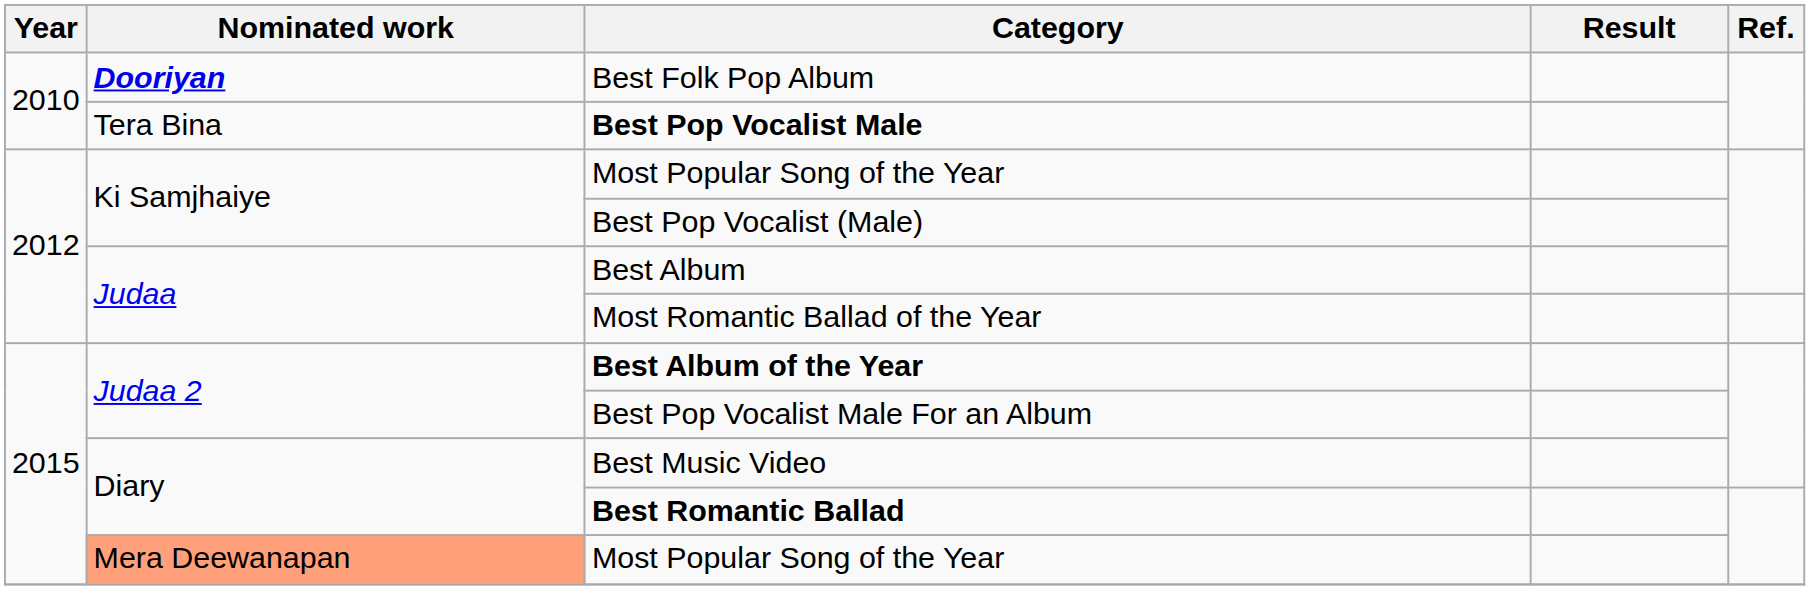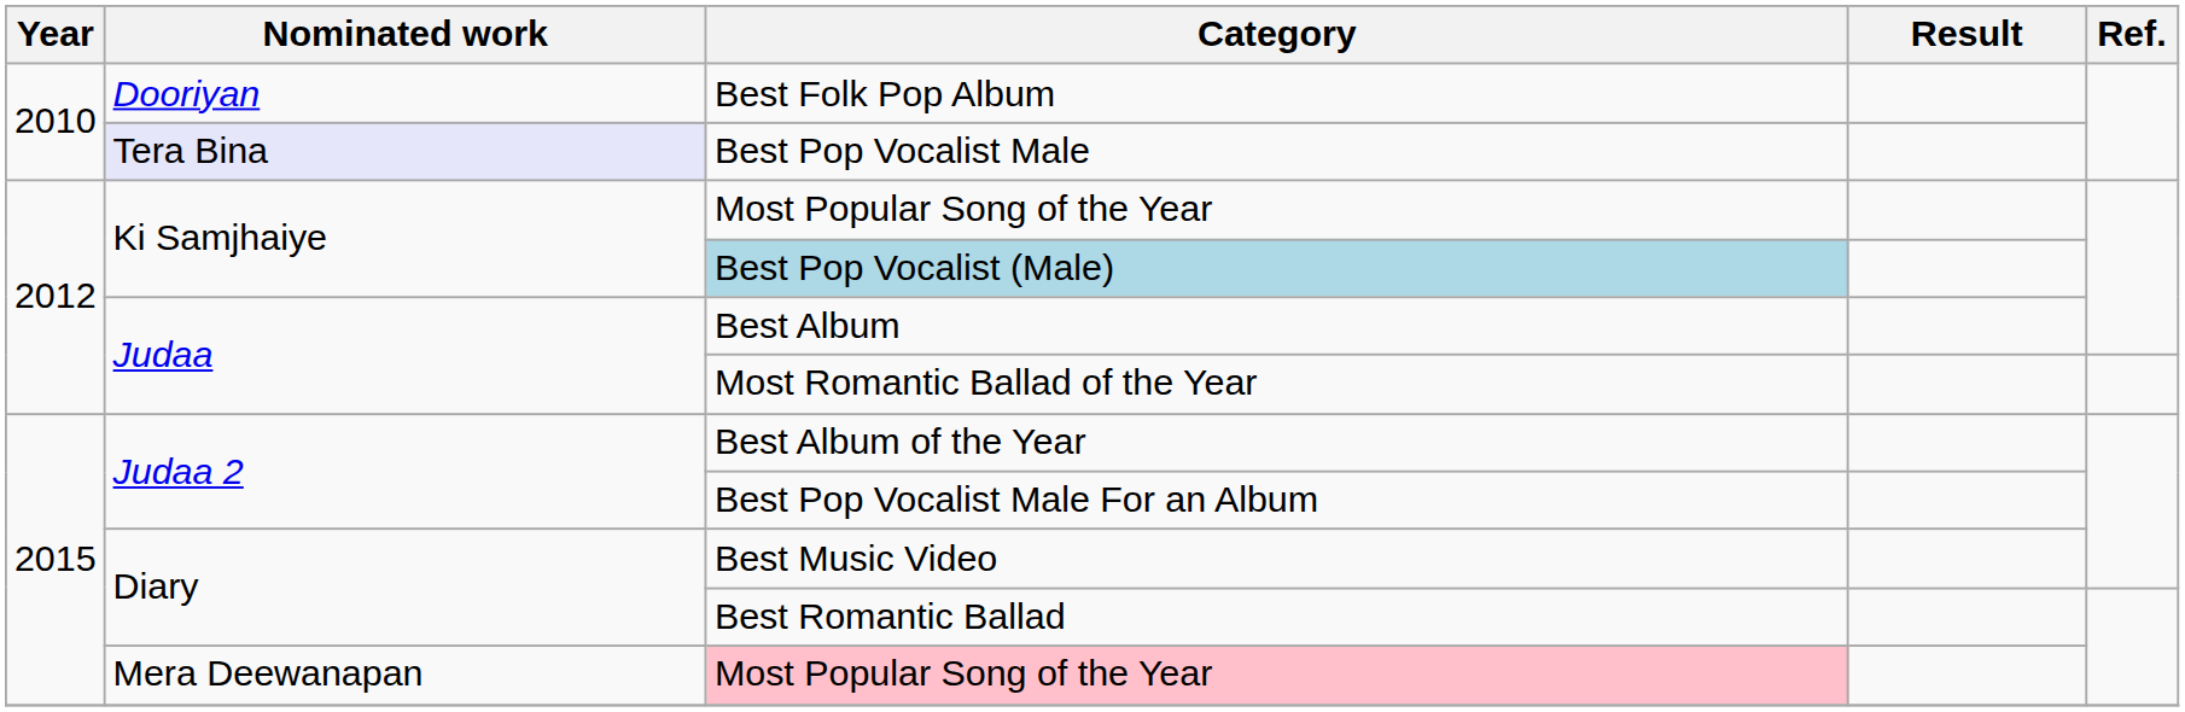 <table class="wikitable sortable" width=75%>
 <tr>
 <th width = 33px>Year</th>
 <th>Nominated work</th>
 <th>Category</th>
 <th>Result</th>
 <th width = 33px>Ref.</th>
 </tr>
 <tr>
 <td rowspan="2">2010</td>
-<td><strong><em><a href='#'>Dooriyan</a></em></strong></td>
+<td><em><a href='#'>Dooriyan</a></em></td>
 <td>Best Folk Pop Album</td>
 <td></td>
 <td rowspan="2"></td>
 </tr>
 <tr>
-<td>Tera Bina</td>
-<td><strong>Best Pop Vocalist Male</strong></td>
+<td style="background: lavender;">Tera Bina</td>
+<td>Best Pop Vocalist Male</td>
 <td></td>
 </tr>
 <tr>
 <td rowspan="4">2012</td>
 <td rowspan="2">Ki Samjhaiye</td>
 <td>Most Popular Song of the Year</td>
 <td></td>
 <td rowspan="3"></td>
 </tr>
 <tr>
-<td>Best Pop Vocalist (Male)</td>
+<td style="background: lightblue;">Best Pop Vocalist (Male)</td>
 <td></td>
 </tr>
 <tr>
 <td rowspan="2"><em><a href='#'>Judaa</a></em></td>
 <td>Best Album</td>
 <td></td>
 </tr>
 <tr>
 <td>Most Romantic Ballad of the Year</td>
 <td></td>
 <td></td>
 </tr>
 <tr>
 <td rowspan="5">2015</td>
 <td rowspan="2"><em><a href='#'>Judaa 2</a></em></td>
-<td><strong>Best Album of the Year</strong></td>
+<td>Best Album of the Year</td>
 <td></td>
 <td rowspan="3"></td>
 </tr>
 <tr>
 <td>Best Pop Vocalist Male For an Album</td>
 <td></td>
 </tr>
 <tr>
 <td rowspan="2">Diary</td>
 <td>Best Music Video</td>
 <td></td>
 </tr>
 <tr>
-<td><strong>Best Romantic Ballad</strong></td>
+<td>Best Romantic Ballad</td>
 <td></td>
 <td rowspan="2"></td>
 </tr>
 <tr>
-<td style="background: lightsalmon;">Mera Deewanapan</td>
-<td>Most Popular Song of the Year</td>
+<td>Mera Deewanapan</td>
+<td style="background: pink;">Most Popular Song of the Year</td>
 <td></td>
 </tr>
 <tr>
 </tr>
 </table>
